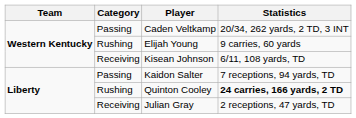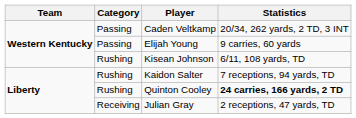 <table class="wikitable" style="float: right;">
 <tr>
 <th>Team</th>
 <th>Category</th>
 <th>Player</th>
 <th>Statistics</th>
 </tr>
 <tr>
 <td rowspan=3><strong>Western Kentucky</strong></td>
 <td>Passing</td>
 <td>Caden Veltkamp</td>
 <td>20/34, 262 yards, 2 TD, 3 INT</td>
 </tr>
 <tr>
-<td>Rushing</td>
+<td>Passing</td>
 <td>Elijah Young</td>
 <td>9 carries, 60 yards</td>
 </tr>
 <tr>
-<td>Receiving</td>
+<td>Rushing</td>
 <td>Kisean Johnson</td>
 <td>6/11, 108 yards, TD</td>
 </tr>
 <tr>
 <td rowspan=3><strong>Liberty</strong></td>
-<td>Passing</td>
+<td>Rushing</td>
 <td>Kaidon Salter</td>
 <td>7 receptions, 94 yards, TD</td>
 </tr>
 <tr>
 <td>Rushing</td>
 <td>Quinton Cooley</td>
 <td><strong>24 carries, 166 yards, 2 TD</strong></td>
 </tr>
 <tr>
 <td>Receiving</td>
 <td>Julian Gray</td>
 <td>2 receptions, 47 yards, TD</td>
 </tr>
 </table>
